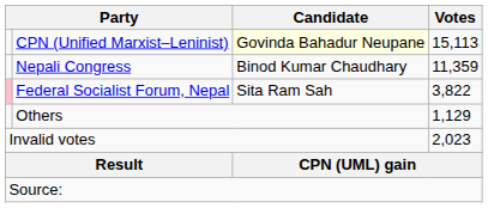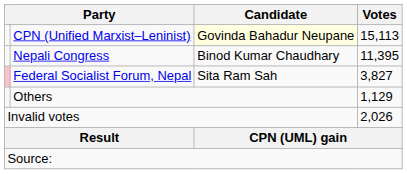 <table class="wikitable">
 <tr>
 <th colspan="2">Party</th>
 <th>Candidate</th>
 <th>Votes</th>
 </tr>
 <tr>
 <td style="background-color:"></td>
 <td><a href='#'>CPN (Unified Marxist–Leninist)</a></td>
 <td style="background: lightyellow;">Govinda Bahadur Neupane</td>
 <td>15,113</td>
 </tr>
 <tr>
 <td style="background-color:"></td>
 <td><a href='#'>Nepali Congress</a></td>
 <td>Binod Kumar Chaudhary</td>
-<td>11,359</td>
+<td>11,395</td>
 </tr>
 <tr>
 <td style="background-color:pink"></td>
 <td><a href='#'>Federal Socialist Forum, Nepal</a></td>
 <td>Sita Ram Sah</td>
-<td>3,822</td>
+<td>3,827</td>
 </tr>
 <tr>
 <td></td>
 <td colspan="2">Others</td>
 <td>1,129</td>
 </tr>
 <tr>
 <td colspan="3">Invalid votes</td>
-<td>2,023</td>
+<td>2,026</td>
 </tr>
 <tr>
 <th colspan="2">Result</th>
 <th colspan="2">CPN (UML) gain</th>
 </tr>
 <tr>
 <td colspan="4">Source: </td>
 </tr>
 </table>
